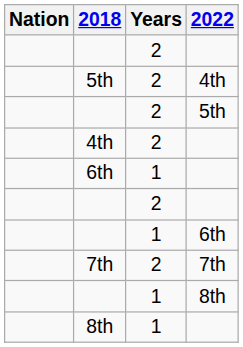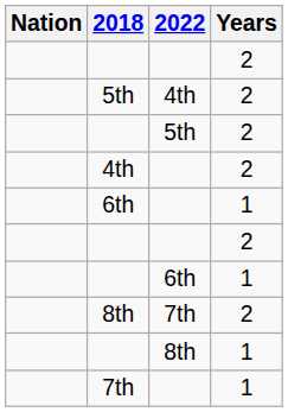 <table class="wikitable sortable" style="text-align:center">
 <tr>
 <th>Nation</th>
 <th><a href='#'>2018</a></th>
+<th><a href='#'>2022</a></th>
 <th>Years</th>
-<th><a href='#'>2022</a></th>
 </tr>
 <tr>
 <td align=left></td>
 <td></td>
+<td></td>
 <td>2</td>
-<td></td>
 </tr>
 <tr>
 <td align=left></td>
 <td>5th</td>
+<td>4th</td>
 <td>2</td>
-<td>4th</td>
 </tr>
 <tr>
 <td align=left></td>
 <td></td>
+<td>5th</td>
 <td>2</td>
-<td>5th</td>
 </tr>
 <tr>
 <td align=left></td>
 <td>4th</td>
+<td></td>
 <td>2</td>
-<td></td>
 </tr>
 <tr>
 <td align=left></td>
 <td>6th</td>
+<td></td>
 <td>1</td>
-<td></td>
 </tr>
 <tr>
 <td align=left></td>
 <td></td>
+<td></td>
 <td>2</td>
-<td></td>
 </tr>
 <tr>
 <td align=left></td>
 <td></td>
+<td>6th</td>
 <td>1</td>
-<td>6th</td>
+</tr>
+<tr>
+<td align=left></td>
+<td>8th</td>
+<td>7th</td>
+<td>2</td>
+</tr>
+<tr>
+<td align=left></td>
+<td></td>
+<td>8th</td>
+<td>1</td>
 </tr>
 <tr>
 <td align=left></td>
 <td>7th</td>
-<td>2</td>
-<td>7th</td>
-</tr>
-<tr>
-<td align=left></td>
 <td></td>
 <td>1</td>
-<td>8th</td>
-</tr>
-<tr>
-<td align=left></td>
-<td>8th</td>
-<td>1</td>
-<td></td>
 </tr>
 </table>
